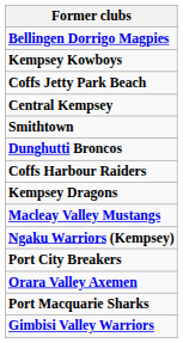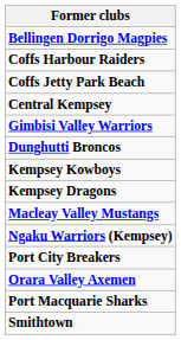 <table class="wikitable sortable">
 <tr>
 <th><strong>Former clubs</strong></th>
 </tr>
 <tr>
 <td><strong> <a href='#'>Bellingen Dorrigo Magpies</a></strong></td>
 </tr>
 <tr>
-<td> <strong>Kempsey Kowboys</strong></td>
+<td> <strong>Coffs Harbour Raiders</strong></td>
 </tr>
 <tr>
 <td> <strong>Coffs Jetty Park Beach</strong></td>
 </tr>
 <tr>
 <td><strong> Central Kempsey</strong></td>
 </tr>
 <tr>
-<td> <strong>Smithtown</strong></td>
+<td> <strong><a href='#'>Gimbisi Valley Warriors</a></strong></td>
 </tr>
 <tr>
 <td> <strong><a href='#'>Dunghutti</a> Broncos</strong></td>
 </tr>
 <tr>
-<td> <strong>Coffs Harbour Raiders</strong></td>
+<td> <strong>Kempsey Kowboys</strong></td>
 </tr>
 <tr>
 <td><strong> Kempsey Dragons</strong></td>
 </tr>
 <tr>
 <td><strong> <a href='#'>Macleay Valley Mustangs</a></strong></td>
 </tr>
 <tr>
 <td> <strong><a href='#'>Ngaku Warriors</a> (Kempsey)</strong></td>
 </tr>
 <tr>
 <td> <strong>Port City Breakers</strong></td>
 </tr>
 <tr>
 <td><strong> <a href='#'>Orara Valley Axemen</a></strong></td>
 </tr>
 <tr>
 <td><strong> Port Macquarie Sharks</strong></td>
 </tr>
 <tr>
-<td> <strong><a href='#'>Gimbisi Valley Warriors</a></strong></td>
+<td> <strong>Smithtown</strong></td>
 </tr>
 </table>
